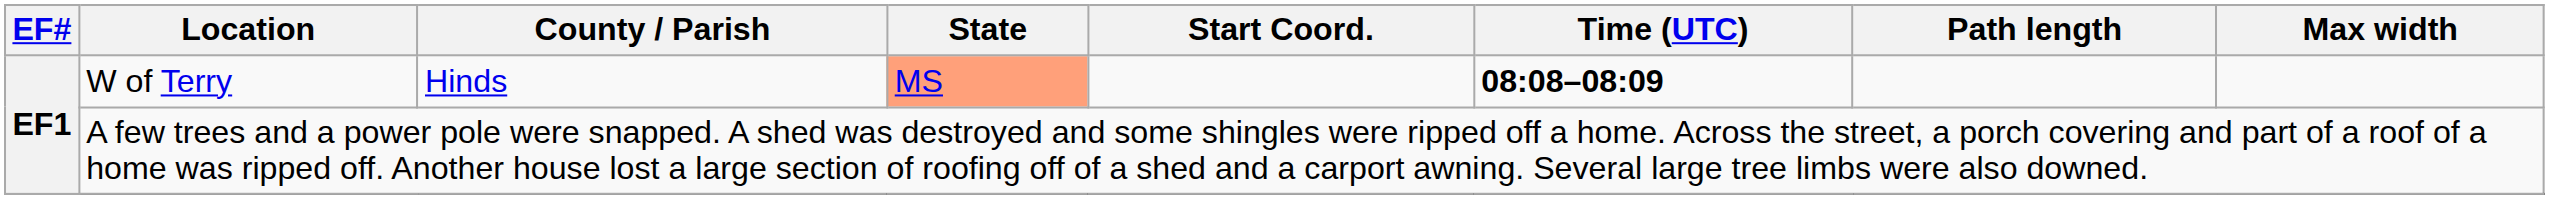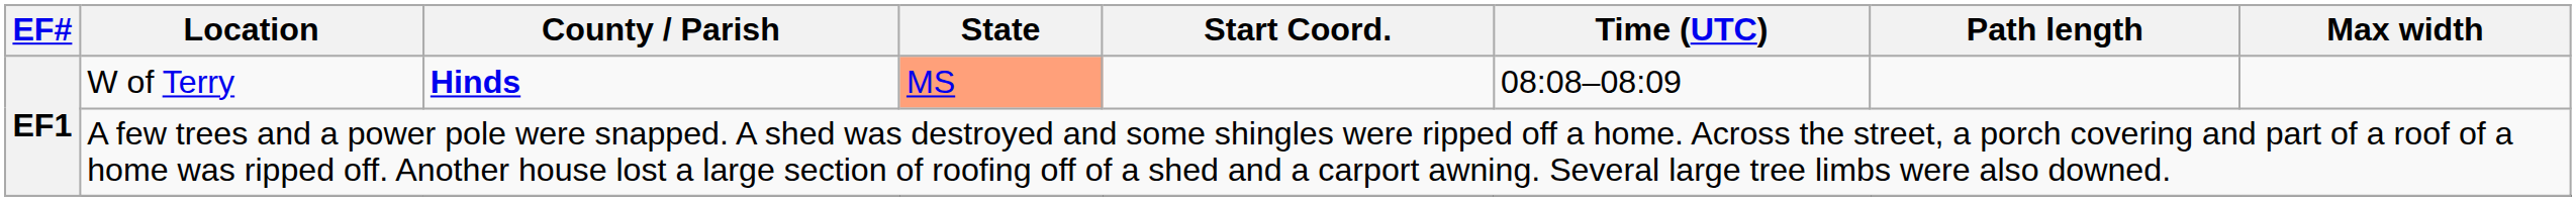 <table class="wikitable sortable" style="width:100%;">
 <tr>
 <th scope="col" width="2%" align="center"><a href='#'>EF#</a></th>
 <th scope="col" align="center" class="unsortable">Location</th>
 <th scope="col" align="center" class="unsortable">County / Parish</th>
 <th scope="col" align="center">State</th>
 <th scope="col" align="center">Start Coord.</th>
 <th scope="col" align="center">Time (<a href='#'>UTC</a>)</th>
 <th scope="col" align="center">Path length</th>
 <th scope="col" align="center">Max width</th>
 </tr>
 <tr>
 <th scope="row" rowspan="2" style="background-color:#">EF1</th>
 <td>W of <a href='#'>Terry</a></td>
-<td><a href='#'>Hinds</a></td>
+<td><strong><a href='#'>Hinds</a></strong></td>
 <td style="background: lightsalmon;"><a href='#'>MS</a></td>
 <td></td>
-<td><strong>08:08–08:09</strong></td>
+<td>08:08–08:09</td>
 <td></td>
 <td></td>
 </tr>
 <tr class="expand-child">
 <td colspan="8" style=" border-bottom: 1px solid black;">A few trees and a power pole were snapped. A shed was destroyed and some shingles were ripped off a home. Across the street, a porch covering and part of a roof of a home was ripped off. Another house lost a large section of roofing off of a shed and a carport awning. Several large tree limbs were also downed.</td>
 </tr>
 <tr>
 </tr>
 </table>
